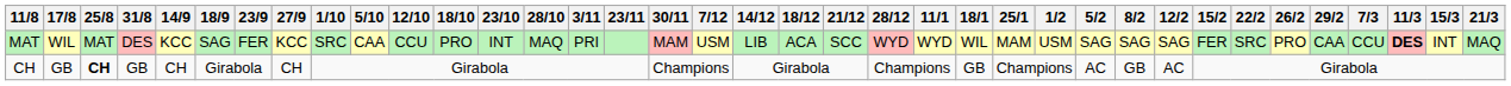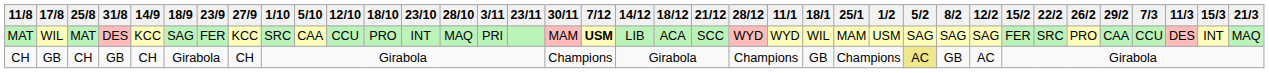 <table class="wikitable" style="font-size: 74%; text-align:center;">
 <tr>
 <th align=center>11/8</th>
 <th>17/8</th>
 <th>25/8</th>
 <th>31/8</th>
 <th>14/9</th>
 <th>18/9</th>
 <th>23/9</th>
 <th>27/9</th>
 <th>1/10</th>
 <th>5/10</th>
 <th>12/10</th>
 <th>18/10</th>
 <th>23/10</th>
 <th>28/10</th>
 <th>3/11</th>
 <th>23/11</th>
 <th>30/11</th>
 <th>7/12</th>
 <th>14/12</th>
 <th>18/12</th>
 <th>21/12</th>
 <th>28/12</th>
 <th>11/1</th>
 <th>18/1</th>
 <th>25/1</th>
 <th>1/2</th>
 <th>5/2</th>
 <th>8/2</th>
 <th>12/2</th>
 <th>15/2</th>
 <th>22/2</th>
 <th>26/2</th>
 <th>29/2</th>
 <th>7/3</th>
 <th>11/3</th>
 <th>15/3</th>
 <th>21/3</th>
 </tr>
 <tr align=center>
 <td bgcolor=#bbf3bb>MAT</td>
 <td bgcolor=#ffffbb>WIL</td>
 <td bgcolor=#bbf3bb>MAT</td>
 <td bgcolor=#ffbbbb>DES</td>
 <td bgcolor=#ffffbb>KCC</td>
 <td bgcolor=#bbf3bb>SAG</td>
 <td bgcolor=#bbf3bb>FER</td>
 <td bgcolor=#ffffbb>KCC</td>
 <td bgcolor=#bbf3bb>SRC</td>
 <td bgcolor=#ffffbb>CAA</td>
 <td bgcolor=#bbf3bb>CCU</td>
 <td bgcolor=#bbf3bb>PRO</td>
 <td bgcolor=#bbf3bb>INT</td>
 <td bgcolor=#bbf3bb>MAQ</td>
 <td bgcolor=#bbf3bb>PRI</td>
 <td bgcolor=#bbf3bb></td>
 <td bgcolor=#ffbbbb>MAM</td>
-<td bgcolor=#ffffbb>USM</td>
+<td bgcolor=#ffffbb><strong>USM</strong></td>
 <td bgcolor=#bbf3bb>LIB</td>
 <td bgcolor=#bbf3bb>ACA</td>
 <td bgcolor=#bbf3bb>SCC</td>
 <td bgcolor=#ffbbbb>WYD</td>
 <td bgcolor=#ffffbb>WYD</td>
 <td bgcolor=#ffffbb>WIL</td>
 <td bgcolor=#ffffbb>MAM</td>
 <td bgcolor=#ffffbb>USM</td>
 <td bgcolor=#ffffbb>SAG</td>
 <td bgcolor=#ffffbb>SAG</td>
 <td bgcolor=#ffffbb>SAG</td>
 <td bgcolor=#bbf3bb>FER</td>
 <td bgcolor=#bbf3bb>SRC</td>
 <td bgcolor=#ffffbb>PRO</td>
 <td bgcolor=#bbf3bb>CAA</td>
 <td bgcolor=#bbf3bb>CCU</td>
-<td bgcolor=#ffbbbb><strong>DES</strong></td>
+<td bgcolor=#ffbbbb>DES</td>
 <td bgcolor=#ffffbb>INT</td>
 <td bgcolor=#bbf3bb>MAQ</td>
 </tr>
 <tr align=center>
 <td>CH</td>
 <td>GB</td>
-<td><strong>CH</strong></td>
+<td>CH</td>
 <td>GB</td>
 <td>CH</td>
 <td colspan=2>Girabola</td>
 <td>CH</td>
 <td colspan=8>Girabola</td>
 <td colspan=2>Champions</td>
 <td colspan=3>Girabola</td>
 <td colspan=2>Champions</td>
 <td>GB</td>
 <td colspan=2>Champions</td>
-<td>AC</td>
+<td style="background: khaki;">AC</td>
 <td>GB</td>
 <td>AC</td>
 <td colspan=8>Girabola</td>
 </tr>
 </table>
